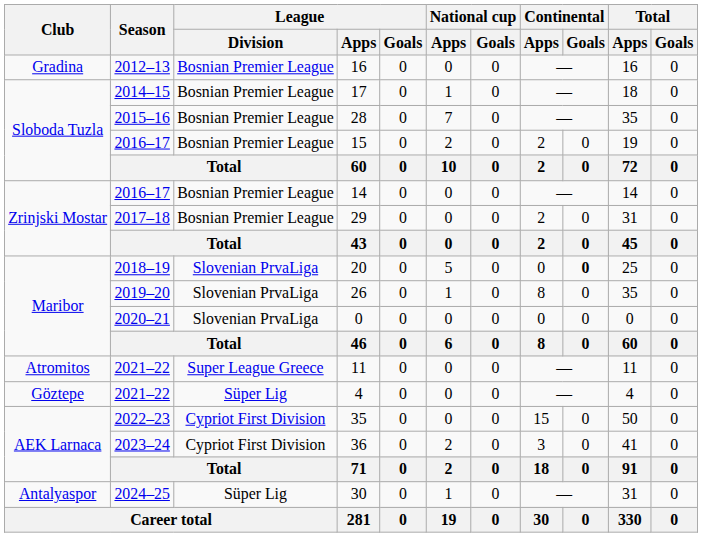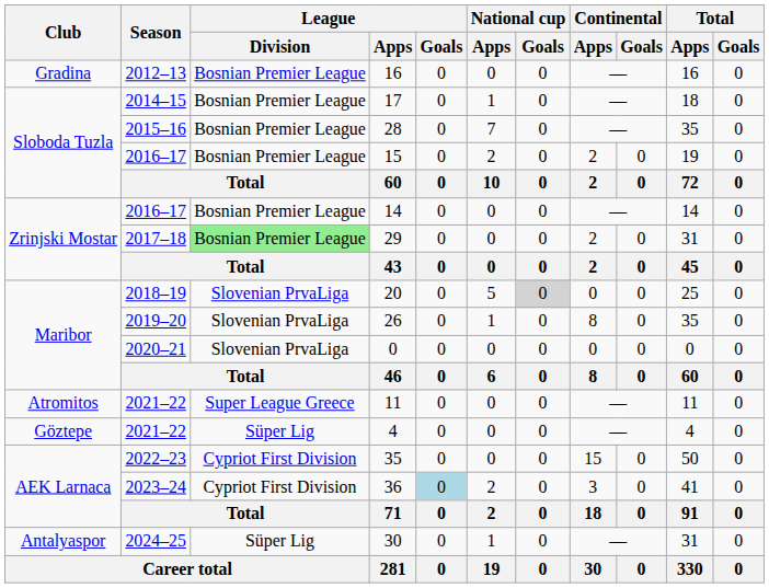 <table class="wikitable" style="text-align:center">
 <tr>
 <th rowspan=2>Club</th>
 <th rowspan=2>Season</th>
 <th colspan=3>League</th>
 <th colspan=2>National cup</th>
 <th colspan=2>Continental</th>
 <th colspan=2>Total</th>
 </tr>
 <tr>
 <th>Division</th>
 <th>Apps</th>
 <th>Goals</th>
 <th>Apps</th>
 <th>Goals</th>
 <th>Apps</th>
 <th>Goals</th>
 <th>Apps</th>
 <th>Goals</th>
 </tr>
 <tr>
 <td><a href='#'>Gradina</a></td>
 <td><a href='#'>2012–13</a></td>
 <td><a href='#'>Bosnian Premier League</a></td>
 <td>16</td>
 <td>0</td>
 <td>0</td>
 <td>0</td>
 <td colspan=2>—</td>
 <td>16</td>
 <td>0</td>
 </tr>
 <tr>
 <td rowspan=4><a href='#'>Sloboda Tuzla</a></td>
 <td><a href='#'>2014–15</a></td>
 <td>Bosnian Premier League</td>
 <td>17</td>
 <td>0</td>
 <td>1</td>
 <td>0</td>
 <td colspan=2>—</td>
 <td>18</td>
 <td>0</td>
 </tr>
 <tr>
 <td><a href='#'>2015–16</a></td>
 <td>Bosnian Premier League</td>
 <td>28</td>
 <td>0</td>
 <td>7</td>
 <td>0</td>
 <td colspan=2>—</td>
 <td>35</td>
 <td>0</td>
 </tr>
 <tr>
 <td><a href='#'>2016–17</a></td>
 <td>Bosnian Premier League</td>
 <td>15</td>
 <td>0</td>
 <td>2</td>
 <td>0</td>
 <td>2</td>
 <td>0</td>
 <td>19</td>
 <td>0</td>
 </tr>
 <tr>
 <th colspan=2>Total</th>
 <th>60</th>
 <th>0</th>
 <th>10</th>
 <th>0</th>
 <th>2</th>
 <th>0</th>
 <th>72</th>
 <th>0</th>
 </tr>
 <tr>
 <td rowspan=3><a href='#'>Zrinjski Mostar</a></td>
 <td><a href='#'>2016–17</a></td>
 <td>Bosnian Premier League</td>
 <td>14</td>
 <td>0</td>
 <td>0</td>
 <td>0</td>
 <td colspan=2>—</td>
 <td>14</td>
 <td>0</td>
 </tr>
 <tr>
 <td><a href='#'>2017–18</a></td>
-<td>Bosnian Premier League</td>
+<td style="background: lightgreen;">Bosnian Premier League</td>
 <td>29</td>
 <td>0</td>
 <td>0</td>
 <td>0</td>
 <td>2</td>
 <td>0</td>
 <td>31</td>
 <td>0</td>
 </tr>
 <tr>
 <th colspan=2>Total</th>
 <th>43</th>
 <th>0</th>
 <th>0</th>
 <th>0</th>
 <th>2</th>
 <th>0</th>
 <th>45</th>
 <th>0</th>
 </tr>
 <tr>
 <td rowspan=4><a href='#'>Maribor</a></td>
 <td><a href='#'>2018–19</a></td>
 <td><a href='#'>Slovenian PrvaLiga</a></td>
 <td>20</td>
 <td>0</td>
 <td>5</td>
+<td style="background: lightgrey;">0</td>
 <td>0</td>
 <td>0</td>
-<td><strong>0</strong></td>
 <td>25</td>
 <td>0</td>
 </tr>
 <tr>
 <td><a href='#'>2019–20</a></td>
 <td>Slovenian PrvaLiga</td>
 <td>26</td>
 <td>0</td>
 <td>1</td>
 <td>0</td>
 <td>8</td>
 <td>0</td>
 <td>35</td>
 <td>0</td>
 </tr>
 <tr>
 <td><a href='#'>2020–21</a></td>
 <td>Slovenian PrvaLiga</td>
 <td>0</td>
 <td>0</td>
 <td>0</td>
 <td>0</td>
 <td>0</td>
 <td>0</td>
 <td>0</td>
 <td>0</td>
 </tr>
 <tr>
 <th colspan=2>Total</th>
 <th>46</th>
 <th>0</th>
 <th>6</th>
 <th>0</th>
 <th>8</th>
 <th>0</th>
 <th>60</th>
 <th>0</th>
 </tr>
 <tr>
 <td><a href='#'>Atromitos</a></td>
 <td><a href='#'>2021–22</a></td>
 <td><a href='#'>Super League Greece</a></td>
 <td>11</td>
 <td>0</td>
 <td>0</td>
 <td>0</td>
 <td colspan=2>—</td>
 <td>11</td>
 <td>0</td>
 </tr>
 <tr>
 <td><a href='#'>Göztepe</a></td>
 <td><a href='#'>2021–22</a></td>
 <td><a href='#'>Süper Lig</a></td>
 <td>4</td>
 <td>0</td>
 <td>0</td>
 <td>0</td>
 <td colspan=2>—</td>
 <td>4</td>
 <td>0</td>
 </tr>
 <tr>
 <td rowspan="3"><a href='#'>AEK Larnaca</a></td>
 <td><a href='#'>2022–23</a></td>
 <td><a href='#'>Cypriot First Division</a></td>
 <td>35</td>
 <td>0</td>
 <td>0</td>
 <td>0</td>
 <td>15</td>
 <td>0</td>
 <td>50</td>
 <td>0</td>
 </tr>
 <tr>
 <td><a href='#'>2023–24</a></td>
 <td>Cypriot First Division</td>
 <td>36</td>
-<td>0</td>
+<td style="background: lightblue;">0</td>
 <td>2</td>
 <td>0</td>
 <td>3</td>
 <td>0</td>
 <td>41</td>
 <td>0</td>
 </tr>
 <tr>
 <th colspan=2>Total</th>
 <th>71</th>
 <th>0</th>
 <th>2</th>
 <th>0</th>
 <th>18</th>
 <th>0</th>
 <th>91</th>
 <th>0</th>
 </tr>
 <tr>
 <td><a href='#'>Antalyaspor</a></td>
 <td><a href='#'>2024–25</a></td>
 <td>Süper Lig</td>
 <td>30</td>
 <td>0</td>
 <td>1</td>
 <td>0</td>
 <td colspan=2>—</td>
 <td>31</td>
 <td>0</td>
 </tr>
 <tr>
 <th colspan=3>Career total</th>
 <th>281</th>
 <th>0</th>
 <th>19</th>
 <th>0</th>
 <th>30</th>
 <th>0</th>
 <th>330</th>
 <th>0</th>
 </tr>
 </table>
